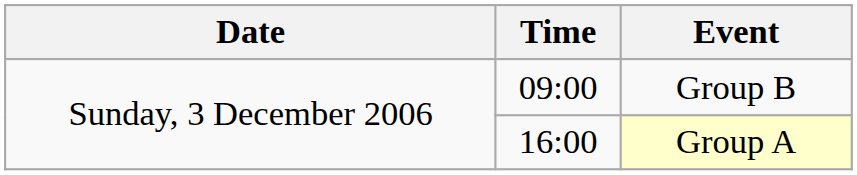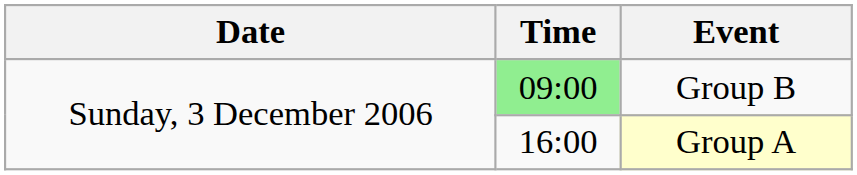 <table class = "wikitable" style="text-align:center;">
 <tr>
 <th width=220>Date</th>
 <th width=50>Time</th>
 <th width=100>Event</th>
 </tr>
 <tr>
 <td rowspan=2>Sunday, 3 December 2006</td>
-<td>09:00</td>
+<td style="background: lightgreen;">09:00</td>
 <td>Group B</td>
 </tr>
 <tr>
 <td>16:00</td>
 <td bgcolor=ffffcc>Group A</td>
 </tr>
 </table>
